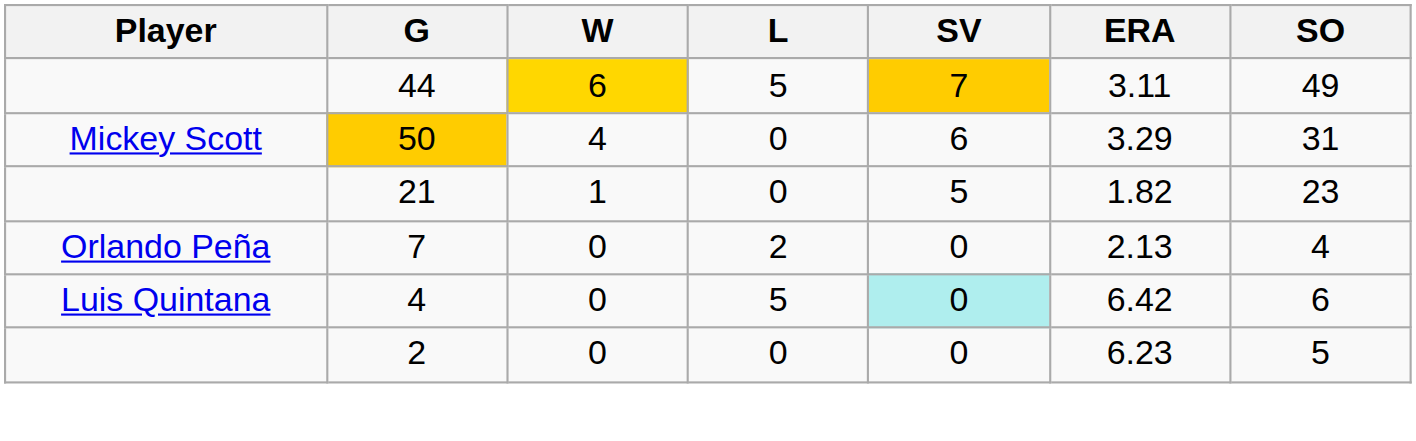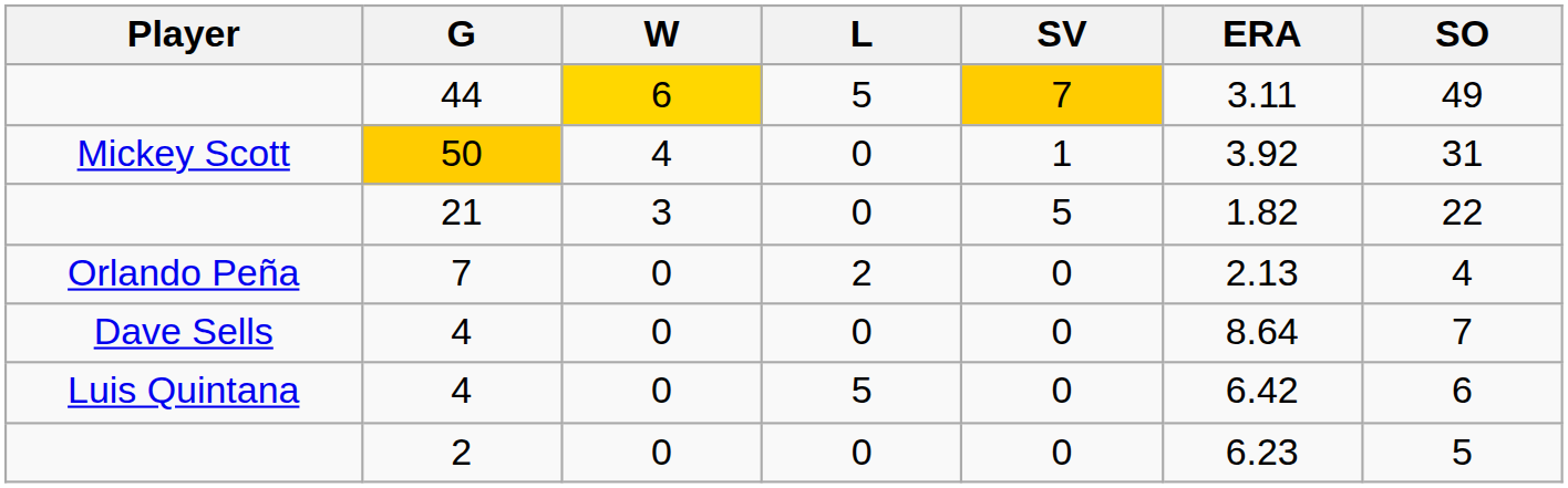 <table class="wikitable sortable">
 <tr>
 <th bgcolor="#DDDDFF" width="16%">Player</th>
 <th bgcolor="#DDDDFF" width="9%">G</th>
 <th bgcolor="#DDDDFF" width="9%">W</th>
 <th bgcolor="#DDDDFF" width="9%">L</th>
 <th bgcolor="#DDDDFF" width="9%">SV</th>
 <th bgcolor="#DDDDFF" width="9%">ERA</th>
 <th bgcolor="#DDDDFF" width="9%">SO</th>
 </tr>
 <tr align=center>
 <td></td>
 <td>44</td>
 <td style="background: gold;">6</td>
 <td>5</td>
 <td style="background:#fc0;">7</td>
 <td>3.11</td>
 <td>49</td>
 </tr>
 <tr align=center>
 <td><a href='#'>Mickey Scott</a></td>
 <td style="background:#fc0;">50</td>
 <td>4</td>
 <td>0</td>
-<td>6</td>
-<td>3.29</td>
+<td>1</td>
+<td>3.92</td>
 <td>31</td>
 </tr>
 <tr align=center>
 <td></td>
 <td>21</td>
-<td>1</td>
+<td>3</td>
 <td>0</td>
 <td>5</td>
 <td>1.82</td>
-<td>23</td>
+<td>22</td>
 </tr>
 <tr align=center>
 <td><a href='#'>Orlando Peña</a></td>
 <td>7</td>
 <td>0</td>
 <td>2</td>
 <td>0</td>
 <td>2.13</td>
 <td>4</td>
 </tr>
 <tr align=center>
+<td><a href='#'>Dave Sells</a></td>
+<td>4</td>
+<td>0</td>
+<td>0</td>
+<td>0</td>
+<td>8.64</td>
+<td>7</td>
+</tr>
+<tr align=center>
 <td><a href='#'>Luis Quintana</a></td>
 <td>4</td>
 <td>0</td>
 <td>5</td>
-<td style="background: paleturquoise;">0</td>
+<td>0</td>
 <td>6.42</td>
 <td>6</td>
 </tr>
 <tr align=center>
 <td></td>
 <td>2</td>
 <td>0</td>
 <td>0</td>
 <td>0</td>
 <td>6.23</td>
 <td>5</td>
 </tr>
 </table>
